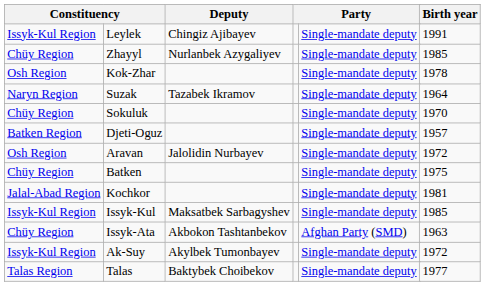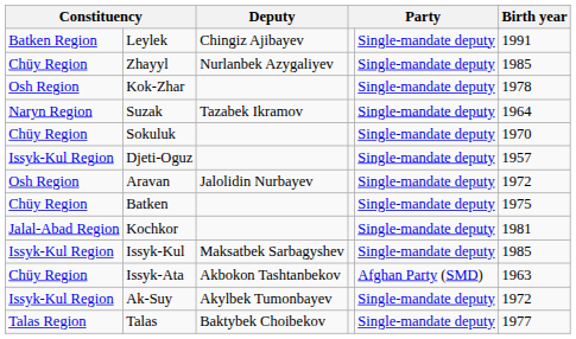 <table class="wikitable sortable" style="text-align:left">
 <tr>
 <th colspan="2">Constituency</th>
 <th>Deputy</th>
 <th colspan="3">Party</th>
 <th>Birth year</th>
 </tr>
 <tr>
-<td><a href='#'>Issyk-Kul Region</a></td>
+<td><a href='#'>Batken Region</a></td>
 <td>Leylek</td>
 <td>Chingiz Ajibayev</td>
 <td style="background: "></td>
 <td colspan="2"><a href='#'>Single-mandate deputy</a></td>
 <td>1991</td>
 </tr>
 <tr>
 <td><a href='#'>Chüy Region</a></td>
 <td>Zhayyl</td>
 <td>Nurlanbek Azygaliyev</td>
 <td style="background: "></td>
 <td colspan="2"><a href='#'>Single-mandate deputy</a></td>
 <td>1985</td>
 </tr>
 <tr>
 <td><a href='#'>Osh Region</a></td>
 <td>Kok-Zhar</td>
 <td></td>
 <td style="background: "></td>
 <td colspan="2"><a href='#'>Single-mandate deputy</a></td>
 <td>1978</td>
 </tr>
 <tr>
 <td><a href='#'>Naryn Region</a></td>
 <td>Suzak</td>
 <td>Tazabek Ikramov</td>
 <td style="background: "></td>
 <td colspan="2"><a href='#'>Single-mandate deputy</a></td>
 <td>1964</td>
 </tr>
 <tr>
 <td><a href='#'>Chüy Region</a></td>
 <td>Sokuluk</td>
 <td></td>
 <td style="background: "></td>
 <td colspan="2"><a href='#'>Single-mandate deputy</a></td>
 <td>1970</td>
 </tr>
 <tr>
-<td><a href='#'>Batken Region</a></td>
+<td><a href='#'>Issyk-Kul Region</a></td>
 <td>Djeti-Oguz</td>
 <td></td>
 <td style="background: "></td>
 <td colspan="2"><a href='#'>Single-mandate deputy</a></td>
 <td>1957</td>
 </tr>
 <tr>
 <td><a href='#'>Osh Region</a></td>
 <td>Aravan</td>
 <td>Jalolidin Nurbayev</td>
 <td style="background: "></td>
 <td colspan="2"><a href='#'>Single-mandate deputy</a></td>
 <td>1972</td>
 </tr>
 <tr>
 <td><a href='#'>Chüy Region</a></td>
 <td>Batken</td>
 <td></td>
 <td style="background: "></td>
 <td colspan="2"><a href='#'>Single-mandate deputy</a></td>
 <td>1975</td>
 </tr>
 <tr>
 <td><a href='#'>Jalal-Abad Region</a></td>
 <td>Kochkor</td>
 <td></td>
 <td style="background: "></td>
 <td colspan="2"><a href='#'>Single-mandate deputy</a></td>
 <td>1981</td>
 </tr>
 <tr>
 <td><a href='#'>Issyk-Kul Region</a></td>
 <td>Issyk-Kul</td>
 <td>Maksatbek Sarbagyshev</td>
 <td style="background: "></td>
 <td colspan="2"><a href='#'>Single-mandate deputy</a></td>
 <td>1985</td>
 </tr>
 <tr>
 <td><a href='#'>Chüy Region</a></td>
 <td>Issyk-Ata</td>
 <td>Akbokon Tashtanbekov</td>
 <td style="background: "></td>
 <td colspan="2"><a href='#'>Afghan Party</a> (<a href='#'>SMD</a>)</td>
 <td>1963</td>
 </tr>
 <tr>
 <td><a href='#'>Issyk-Kul Region</a></td>
 <td>Ak-Suy</td>
 <td>Akylbek Tumonbayev</td>
 <td style="background: "></td>
 <td colspan="2"><a href='#'>Single-mandate deputy</a></td>
 <td>1972</td>
 </tr>
 <tr>
 <td><a href='#'>Talas Region</a></td>
 <td>Talas</td>
 <td>Baktybek Choibekov</td>
 <td style="background: "></td>
 <td colspan="2"><a href='#'>Single-mandate deputy</a></td>
 <td>1977</td>
 </tr>
 </table>
